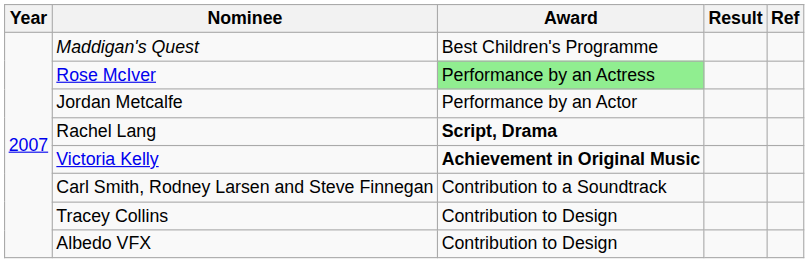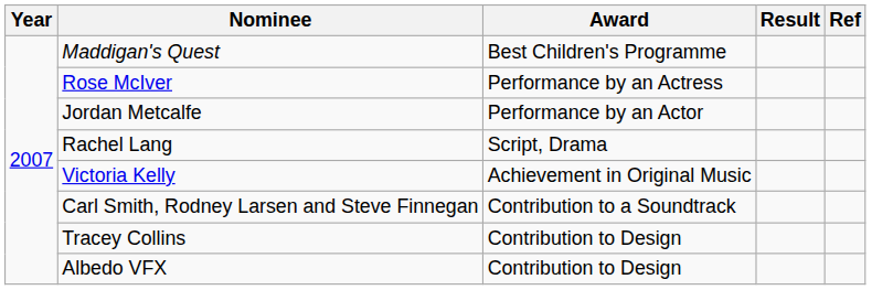 <table class="wikitable">
 <tr>
 <th>Year</th>
 <th>Nominee</th>
 <th>Award</th>
 <th>Result</th>
 <th>Ref</th>
 </tr>
 <tr>
 <td rowspan="8"><a href='#'>2007</a></td>
 <td><em>Maddigan's Quest</em></td>
 <td>Best Children's Programme</td>
 <td></td>
 <td></td>
 </tr>
 <tr>
 <td><a href='#'>Rose McIver</a></td>
-<td style="background: lightgreen;">Performance by an Actress</td>
+<td>Performance by an Actress</td>
 <td></td>
 <td></td>
 </tr>
 <tr>
 <td>Jordan Metcalfe</td>
 <td>Performance by an Actor</td>
 <td></td>
 <td></td>
 </tr>
 <tr>
 <td>Rachel Lang</td>
-<td><strong>Script, Drama</strong></td>
+<td>Script, Drama</td>
 <td></td>
 <td></td>
 </tr>
 <tr>
 <td><a href='#'>Victoria Kelly</a></td>
-<td><strong>Achievement in Original Music</strong></td>
+<td>Achievement in Original Music</td>
 <td></td>
 <td></td>
 </tr>
 <tr>
 <td>Carl Smith, Rodney Larsen and Steve Finnegan</td>
 <td>Contribution to a Soundtrack</td>
 <td></td>
 <td></td>
 </tr>
 <tr>
 <td>Tracey Collins</td>
 <td>Contribution to Design</td>
 <td></td>
 <td></td>
 </tr>
 <tr>
 <td>Albedo VFX</td>
 <td>Contribution to Design</td>
 <td></td>
 </tr>
 </table>
